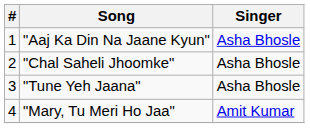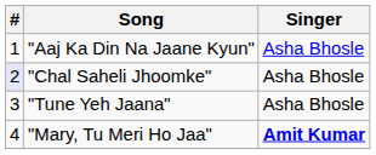 <table class="wikitable">
 <tr>
 <th>#</th>
 <th>Song</th>
 <th>Singer</th>
 </tr>
 <tr>
 <td>1</td>
 <td>"Aaj Ka Din Na Jaane Kyun"</td>
 <td><a href='#'>Asha Bhosle</a></td>
 </tr>
 <tr>
-<td>2</td>
+<td style="background: lavender;">2</td>
 <td>"Chal Saheli Jhoomke"</td>
 <td>Asha Bhosle</td>
 </tr>
 <tr>
 <td>3</td>
 <td>"Tune Yeh Jaana"</td>
 <td>Asha Bhosle</td>
 </tr>
 <tr>
 <td>4</td>
 <td>"Mary, Tu Meri Ho Jaa"</td>
-<td><a href='#'>Amit Kumar</a></td>
+<td><strong><a href='#'>Amit Kumar</a></strong></td>
 </tr>
 <tr>
 </tr>
 </table>
